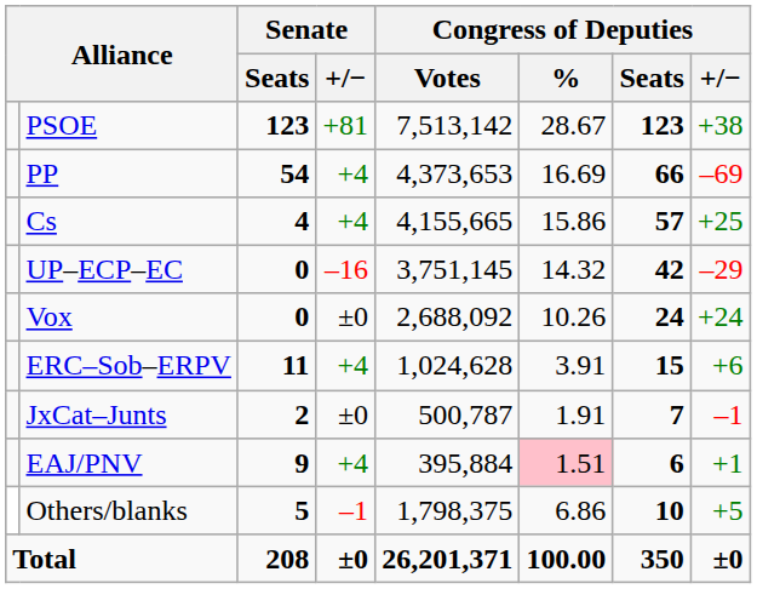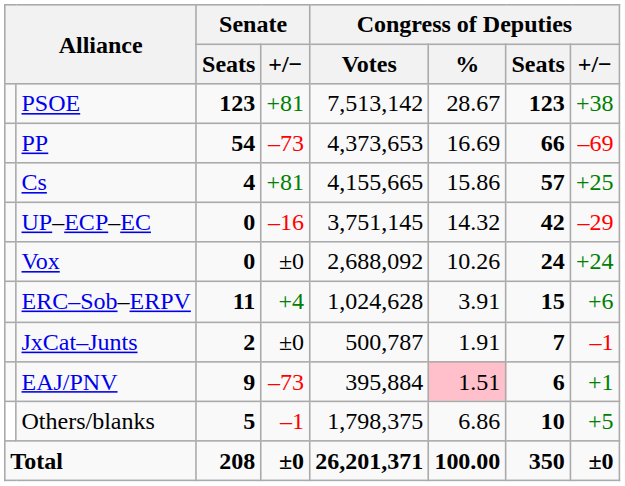 <table class="wikitable" style="text-align:right; font-size:95%;">
 <tr>
 <th colspan="2" rowspan="2">Alliance</th>
 <th colspan="2">Senate</th>
 <th colspan="4">Congress of Deputies</th>
 </tr>
 <tr>
 <th>Seats</th>
 <th>+/−</th>
 <th>Votes</th>
 <th>%</th>
 <th>Seats</th>
 <th>+/−</th>
 </tr>
 <tr>
 <td style="background:"></td>
 <td align="left"><a href='#'>PSOE</a></td>
 <td><strong>123</strong></td>
 <td style="color:green;">+81</td>
 <td>7,513,142</td>
 <td>28.67</td>
 <td><strong>123</strong></td>
 <td style="color:green;">+38</td>
 </tr>
 <tr>
 <td style="background:"></td>
 <td align="left"><a href='#'>PP</a></td>
 <td><strong>54</strong></td>
-<td style="color:green;">+4</td>
+<td style="color:red;">–73</td>
 <td>4,373,653</td>
 <td>16.69</td>
 <td><strong>66</strong></td>
 <td style="color:red;">–69</td>
 </tr>
 <tr>
 <td style="background:"></td>
 <td align="left"><a href='#'>Cs</a></td>
 <td><strong>4</strong></td>
-<td style="color:green;">+4</td>
+<td style="color:green;">+81</td>
 <td>4,155,665</td>
 <td>15.86</td>
 <td><strong>57</strong></td>
 <td style="color:green;">+25</td>
 </tr>
 <tr>
 <td style="background:"></td>
 <td align="left"><a href='#'>UP</a>–<a href='#'>ECP</a>–<a href='#'>EC</a></td>
 <td><strong>0</strong></td>
 <td style="color:red;">–16</td>
 <td>3,751,145</td>
 <td>14.32</td>
 <td><strong>42</strong></td>
 <td style="color:red;">–29</td>
 </tr>
 <tr>
 <td style="background:"></td>
 <td align="left"><a href='#'>Vox</a></td>
 <td><strong>0</strong></td>
 <td>±0</td>
 <td>2,688,092</td>
 <td>10.26</td>
 <td><strong>24</strong></td>
 <td style="color:green;">+24</td>
 </tr>
 <tr>
 <td style="background:"></td>
 <td align="left"><a href='#'>ERC–Sob</a>–<a href='#'>ERPV</a></td>
 <td><strong>11</strong></td>
 <td style="color:green;">+4</td>
 <td>1,024,628</td>
 <td>3.91</td>
 <td><strong>15</strong></td>
 <td style="color:green;">+6</td>
 </tr>
 <tr>
 <td style="background:"></td>
 <td align="left"><a href='#'>JxCat–Junts</a></td>
 <td><strong>2</strong></td>
 <td>±0</td>
 <td>500,787</td>
 <td>1.91</td>
 <td><strong>7</strong></td>
 <td style="color:red;">–1</td>
 </tr>
 <tr>
 <td style="background:"></td>
 <td align="left"><a href='#'>EAJ/PNV</a></td>
 <td><strong>9</strong></td>
-<td style="color:green;">+4</td>
+<td style="color:red;">–73</td>
 <td>395,884</td>
 <td style="background: pink;">1.51</td>
 <td><strong>6</strong></td>
 <td style="color:green;">+1</td>
 </tr>
 <tr>
 <td style="background:white;"></td>
 <td align="left">Others/blanks</td>
 <td><strong>5</strong></td>
 <td style="color:red;">–1</td>
 <td>1,798,375</td>
 <td>6.86</td>
 <td><strong>10</strong></td>
 <td style="color:green;">+5</td>
 </tr>
 <tr style="font-weight:bold">
 <td colspan="2" align="left">Total</td>
 <td>208</td>
 <td>±0</td>
 <td>26,201,371</td>
 <td>100.00</td>
 <td>350</td>
 <td>±0</td>
 </tr>
 </table>
